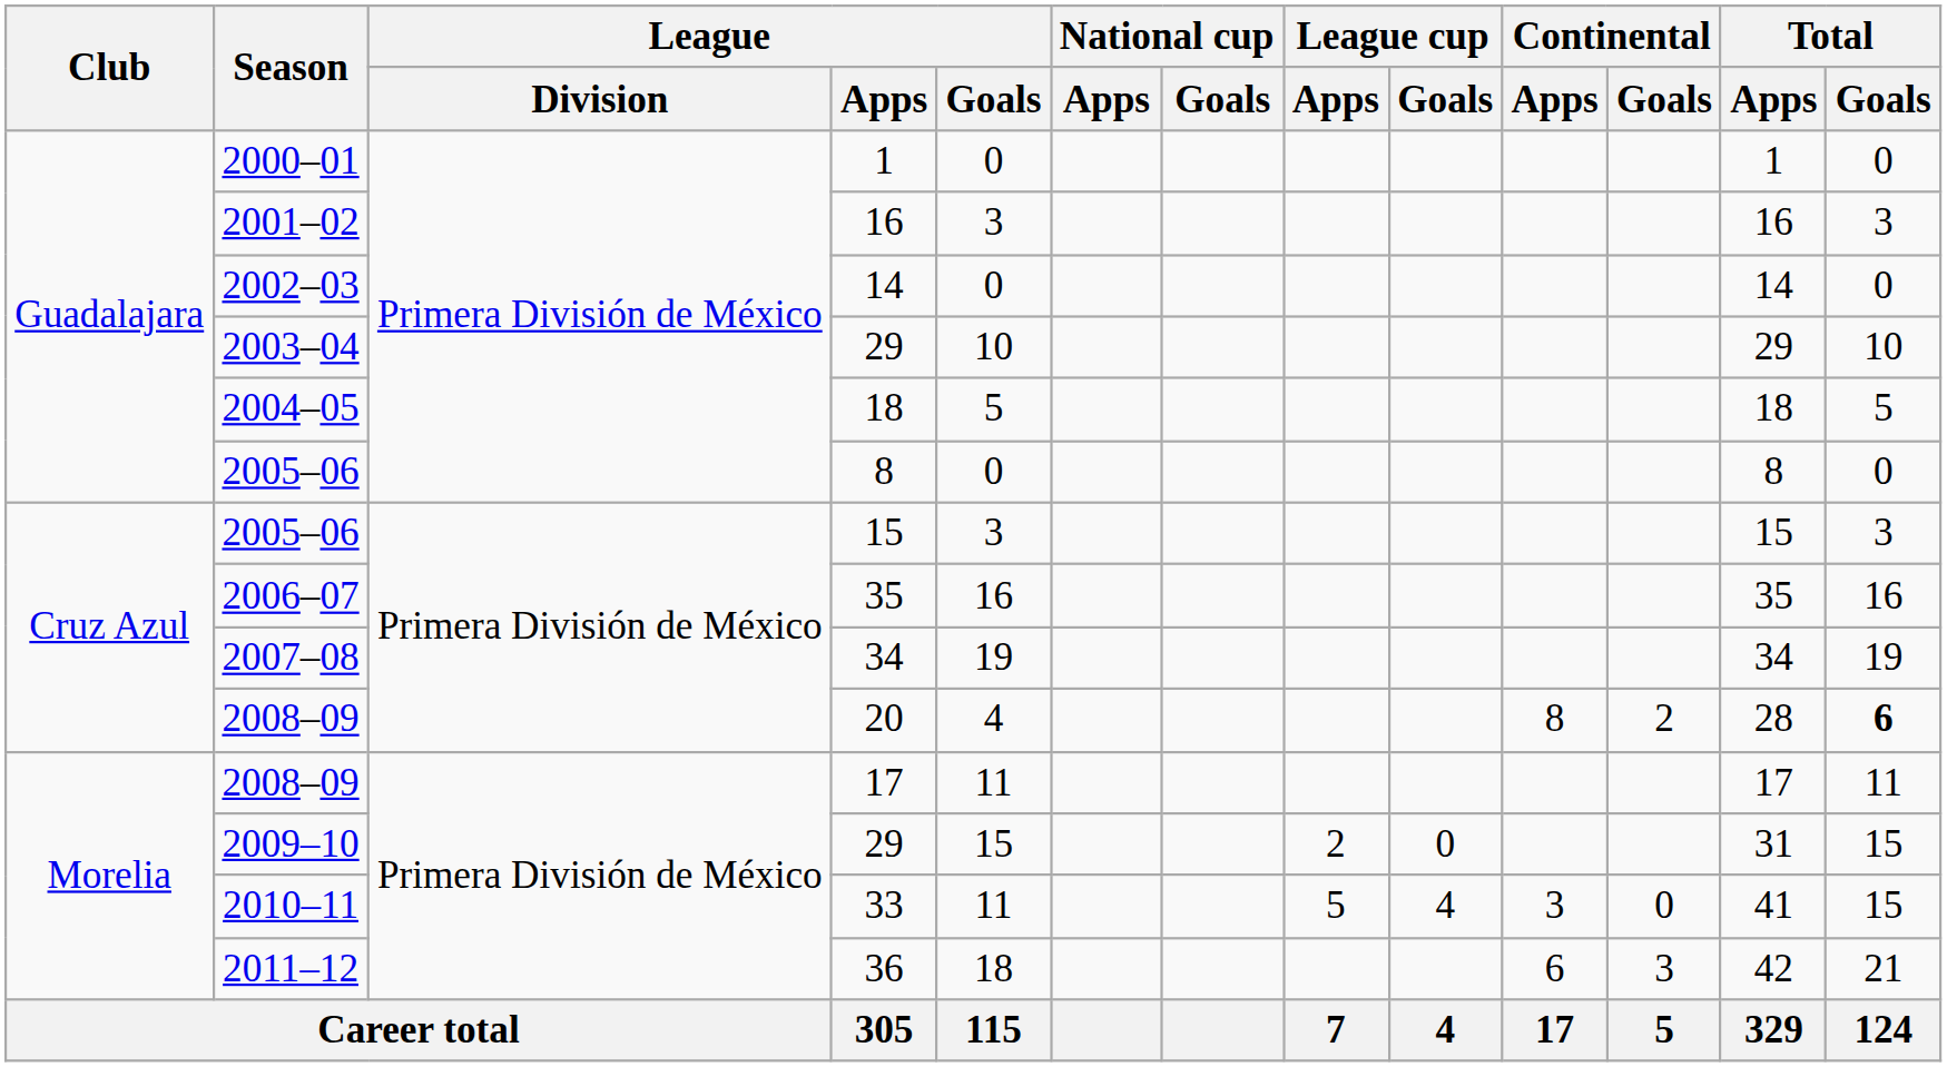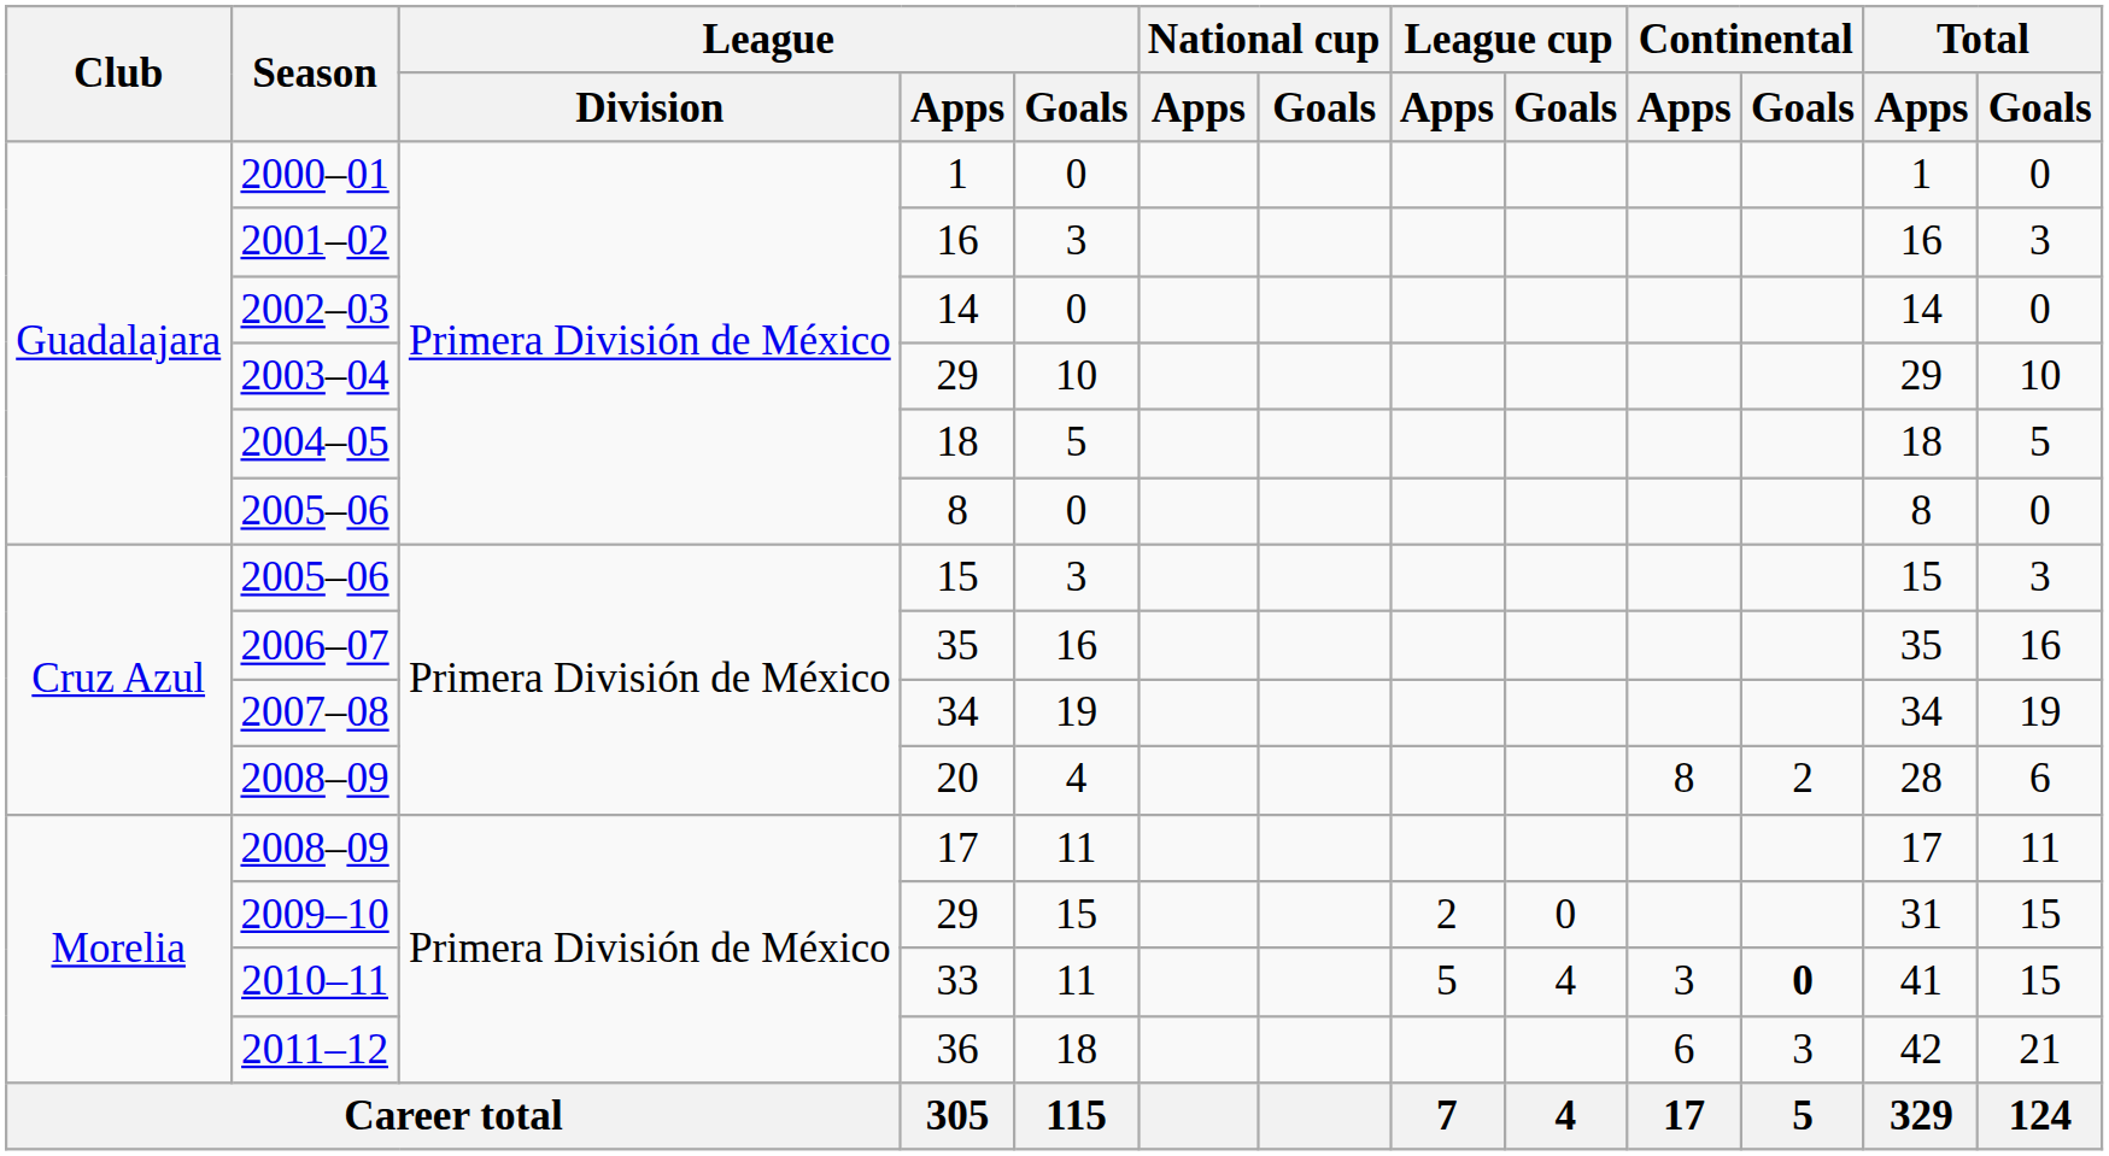 <table class="wikitable" style="text-align:center">
 <tr>
 <th rowspan="2">Club</th>
 <th rowspan="2">Season</th>
 <th colspan="3">League</th>
 <th colspan="2">National cup</th>
 <th colspan="2">League cup</th>
 <th colspan="2">Continental</th>
 <th colspan="2">Total</th>
 </tr>
 <tr>
 <th>Division</th>
 <th>Apps</th>
 <th>Goals</th>
 <th>Apps</th>
 <th>Goals</th>
 <th>Apps</th>
 <th>Goals</th>
 <th>Apps</th>
 <th>Goals</th>
 <th>Apps</th>
 <th>Goals</th>
 </tr>
 <tr>
 <td rowspan="6"><a href='#'>Guadalajara</a></td>
 <td><a href='#'>2000</a>–<a href='#'>01</a></td>
 <td rowspan="6"><a href='#'>Primera División de México</a></td>
 <td>1</td>
 <td>0</td>
 <td></td>
 <td></td>
 <td></td>
 <td></td>
 <td></td>
 <td></td>
 <td>1</td>
 <td>0</td>
 </tr>
 <tr>
 <td><a href='#'>2001</a>–<a href='#'>02</a></td>
 <td>16</td>
 <td>3</td>
 <td></td>
 <td></td>
 <td></td>
 <td></td>
 <td></td>
 <td></td>
 <td>16</td>
 <td>3</td>
 </tr>
 <tr>
 <td><a href='#'>2002</a>–<a href='#'>03</a></td>
 <td>14</td>
 <td>0</td>
 <td></td>
 <td></td>
 <td></td>
 <td></td>
 <td></td>
 <td></td>
 <td>14</td>
 <td>0</td>
 </tr>
 <tr>
 <td><a href='#'>2003</a>–<a href='#'>04</a></td>
 <td>29</td>
 <td>10</td>
 <td></td>
 <td></td>
 <td></td>
 <td></td>
 <td></td>
 <td></td>
 <td>29</td>
 <td>10</td>
 </tr>
 <tr>
 <td><a href='#'>2004</a>–<a href='#'>05</a></td>
 <td>18</td>
 <td>5</td>
 <td></td>
 <td></td>
 <td></td>
 <td></td>
 <td></td>
 <td></td>
 <td>18</td>
 <td>5</td>
 </tr>
 <tr>
 <td><a href='#'>2005</a>–<a href='#'>06</a></td>
 <td>8</td>
 <td>0</td>
 <td></td>
 <td></td>
 <td></td>
 <td></td>
 <td></td>
 <td></td>
 <td>8</td>
 <td>0</td>
 </tr>
 <tr>
 <td rowspan="4"><a href='#'>Cruz Azul</a></td>
 <td><a href='#'>2005</a>–<a href='#'>06</a></td>
 <td rowspan="4">Primera División de México</td>
 <td>15</td>
 <td>3</td>
 <td></td>
 <td></td>
 <td></td>
 <td></td>
 <td></td>
 <td></td>
 <td>15</td>
 <td>3</td>
 </tr>
 <tr>
 <td><a href='#'>2006</a>–<a href='#'>07</a></td>
 <td>35</td>
 <td>16</td>
 <td></td>
 <td></td>
 <td></td>
 <td></td>
 <td></td>
 <td></td>
 <td>35</td>
 <td>16</td>
 </tr>
 <tr>
 <td><a href='#'>2007</a>–<a href='#'>08</a></td>
 <td>34</td>
 <td>19</td>
 <td></td>
 <td></td>
 <td></td>
 <td></td>
 <td></td>
 <td></td>
 <td>34</td>
 <td>19</td>
 </tr>
 <tr>
 <td><a href='#'>2008</a>–<a href='#'>09</a></td>
 <td>20</td>
 <td>4</td>
 <td></td>
 <td></td>
 <td></td>
 <td></td>
 <td>8</td>
 <td>2</td>
 <td>28</td>
-<td><strong>6</strong></td>
+<td>6</td>
 </tr>
 <tr>
 <td rowspan="4"><a href='#'>Morelia</a></td>
 <td><a href='#'>2008</a>–<a href='#'>09</a></td>
 <td rowspan="4">Primera División de México</td>
 <td>17</td>
 <td>11</td>
 <td></td>
 <td></td>
 <td></td>
 <td></td>
 <td></td>
 <td></td>
 <td>17</td>
 <td>11</td>
 </tr>
 <tr>
 <td><a href='#'>2009–10</a></td>
 <td>29</td>
 <td>15</td>
 <td></td>
 <td></td>
 <td>2</td>
 <td>0</td>
 <td></td>
 <td></td>
 <td>31</td>
 <td>15</td>
 </tr>
 <tr>
 <td><a href='#'>2010–11</a></td>
 <td>33</td>
 <td>11</td>
 <td></td>
 <td></td>
 <td>5</td>
 <td>4</td>
 <td>3</td>
-<td>0</td>
+<td><strong>0</strong></td>
 <td>41</td>
 <td>15</td>
 </tr>
 <tr>
 <td><a href='#'>2011–12</a></td>
 <td>36</td>
 <td>18</td>
 <td></td>
 <td></td>
 <td></td>
 <td></td>
 <td>6</td>
 <td>3</td>
 <td>42</td>
 <td>21</td>
 </tr>
 <tr>
 <th colspan="3">Career total</th>
 <th>305</th>
 <th>115</th>
 <th></th>
 <th></th>
 <th>7</th>
 <th>4</th>
 <th>17</th>
 <th>5</th>
 <th>329</th>
 <th>124</th>
 </tr>
 </table>
